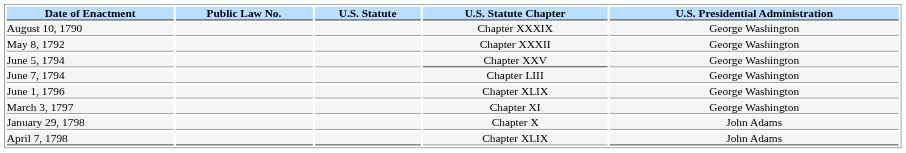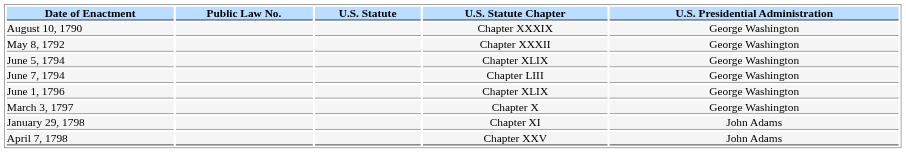 <table style="border:1px solid gray; align:left; width:100%" cellspacing=3 cellpadding=0>
 <tr style="font-weight:bold; text-align:center; background:#bbddff; color:black;">
 <th style=" border-bottom:1.5px solid black">Date of Enactment</th>
 <th style=" border-bottom:1.5px solid black">Public Law No.</th>
 <th style=" border-bottom:1.5px solid black">U.S. Statute</th>
 <th style=" border-bottom:1.5px solid black">U.S. Statute Chapter</th>
 <th style=" border-bottom:1.5px solid black">U.S. Presidential Administration</th>
 </tr>
 <tr>
 <td style="border-bottom:1px solid gray; background:#F5F5F5;">August 10, 1790</td>
 <td style="border-bottom:1px solid gray; background:#F5F5F5; text-align:center;"></td>
 <td style="border-bottom:1px solid gray; background:#F5F5F5; text-align:center;"></td>
 <td style="border-bottom:1px solid gray; background:#F5F5F5; text-align:center;">Chapter XXXIX</td>
 <td style="border-bottom:1px solid gray; background:#F5F5F5; text-align:center;">George Washington</td>
 </tr>
 <tr>
 <td style="border-bottom:1px solid gray; background:#F5F5F5;">May 8, 1792</td>
 <td style="border-bottom:1px solid gray; background:#F5F5F5; text-align:center;"></td>
 <td style="border-bottom:1px solid gray; background:#F5F5F5; text-align:center;"></td>
 <td style="border-bottom:1px solid gray; background:#F5F5F5; text-align:center;">Chapter XXXII</td>
 <td style="border-bottom:1px solid gray; background:#F5F5F5; text-align:center;">George Washington</td>
 </tr>
 <tr>
 <td style="border-bottom:1px solid gray; background:#F5F5F5;">June 5, 1794</td>
 <td style="border-bottom:1px solid gray; background:#F5F5F5; text-align:center;"></td>
 <td style="border-bottom:1px solid gray; background:#F5F5F5; text-align:center;"></td>
-<td style="border-bottom:1.5px solid black; background:#F5F5F5; text-align:center;">Chapter XXV</td>
+<td style="border-bottom:1px solid gray; background:#F5F5F5; text-align:center;">Chapter XLIX</td>
 <td style="border-bottom:1px solid gray; background:#F5F5F5; text-align:center;">George Washington</td>
 </tr>
 <tr>
 <td style="border-bottom:1px solid gray; background:#F5F5F5;">June 7, 1794</td>
 <td style="border-bottom:1px solid gray; background:#F5F5F5; text-align:center;"></td>
 <td style="border-bottom:1px solid gray; background:#F5F5F5; text-align:center;"></td>
 <td style="border-bottom:1px solid gray; background:#F5F5F5; text-align:center;">Chapter LIII</td>
 <td style="border-bottom:1px solid gray; background:#F5F5F5; text-align:center;">George Washington</td>
 </tr>
 <tr>
 <td style="border-bottom:1px solid gray; background:#F5F5F5;">June 1, 1796</td>
 <td style="border-bottom:1px solid gray; background:#F5F5F5; text-align:center;"></td>
 <td style="border-bottom:1px solid gray; background:#F5F5F5; text-align:center;"></td>
 <td style="border-bottom:1px solid gray; background:#F5F5F5; text-align:center;">Chapter XLIX</td>
 <td style="border-bottom:1px solid gray; background:#F5F5F5; text-align:center;">George Washington</td>
 </tr>
 <tr>
 <td style="border-bottom:1px solid gray; background:#F5F5F5;">March 3, 1797</td>
 <td style="border-bottom:1px solid gray; background:#F5F5F5; text-align:center;"></td>
 <td style="border-bottom:1px solid gray; background:#F5F5F5; text-align:center;"></td>
-<td style="border-bottom:1px solid gray; background:#F5F5F5; text-align:center;">Chapter XI</td>
+<td style="border-bottom:1px solid gray; background:#F5F5F5; text-align:center;">Chapter X</td>
 <td style="border-bottom:1px solid gray; background:#F5F5F5; text-align:center;">George Washington</td>
 </tr>
 <tr>
 <td style="border-bottom:1px solid gray; background:#F5F5F5;">January 29, 1798</td>
 <td style="border-bottom:1px solid gray; background:#F5F5F5; text-align:center;"></td>
 <td style="border-bottom:1px solid gray; background:#F5F5F5; text-align:center;"></td>
-<td style="border-bottom:1px solid gray; background:#F5F5F5; text-align:center;">Chapter X</td>
+<td style="border-bottom:1px solid gray; background:#F5F5F5; text-align:center;">Chapter XI</td>
 <td style="border-bottom:1px solid gray; background:#F5F5F5; text-align:center;">John Adams</td>
 </tr>
 <tr>
 <td style="border-bottom:1.5px solid black; background:#F5F5F5;">April 7, 1798</td>
 <td style="border-bottom:1.5px solid black; background:#F5F5F5; text-align:center;"></td>
 <td style="border-bottom:1.5px solid black; background:#F5F5F5; text-align:center;"></td>
-<td style="border-bottom:1px solid gray; background:#F5F5F5; text-align:center;">Chapter XLIX</td>
+<td style="border-bottom:1.5px solid black; background:#F5F5F5; text-align:center;">Chapter XXV</td>
 <td style="border-bottom:1.5px solid black; background:#F5F5F5; text-align:center;">John Adams</td>
 </tr>
 </table>
